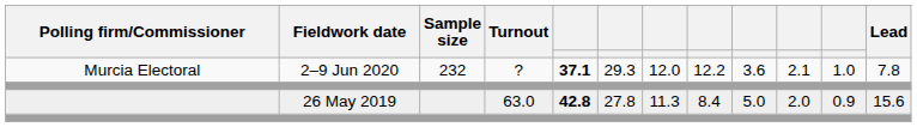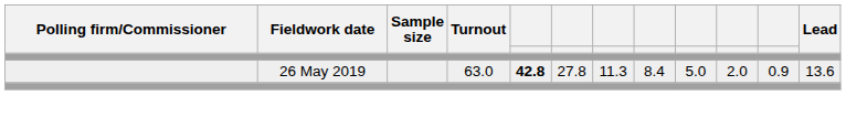 <table class="wikitable collapsible collapsed" style="text-align:center; font-size:95%; line-height:16px;">
 <tr style="height:42px;">
 <th style="width:250px;" rowspan="2">Polling firm/Commissioner</th>
 <th style="width:125px;" rowspan="2">Fieldwork date</th>
 <th style="width:50px;" rowspan="2">Sample size</th>
 <th style="width:45px;" rowspan="2">Turnout</th>
 <th style="width:35px;"></th>
 <th style="width:35px;"></th>
 <th style="width:35px;"></th>
 <th style="width:35px;"></th>
 <th style="width:35px;"></th>
 <th style="width:35px;"></th>
 <th style="width:35px;"></th>
 <th style="width:30px;" rowspan="2">Lead</th>
 </tr>
 <tr>
 <th style="color:inherit;background:"></th>
 <th style="color:inherit;background:"></th>
 <th style="color:inherit;background:"></th>
 <th style="color:inherit;background:"></th>
 <th style="color:inherit;background:"></th>
 <th style="color:inherit;background:"></th>
 <th style="color:inherit;background:"></th>
 </tr>
 <tr>
-<td>Murcia Electoral</td>
-<td>2–9 Jun 2020</td>
-<td>232</td>
-<td>?</td>
-<td><strong>37.1</strong><br></td>
-<td>29.3<br></td>
-<td>12.0<br></td>
-<td>12.2<br></td>
-<td>3.6<br></td>
-<td>2.1<br></td>
-<td>1.0<br></td>
-<td style="background:">7.8</td>
-</tr>
-<tr>
 <td colspan="12" style="background:#A0A0A0"></td>
 </tr>
 <tr style="background:#EFEFEF;">
 <td><strong></strong></td>
 <td>26 May 2019</td>
 <td></td>
 <td>63.0</td>
 <td><strong>42.8</strong><br></td>
 <td>27.8<br></td>
 <td>11.3<br></td>
 <td>8.4<br></td>
 <td>5.0<br></td>
 <td>2.0<br></td>
 <td>0.9<br></td>
-<td style="background:">15.6</td>
+<td style="background:">13.6</td>
 </tr>
 <tr>
 <td colspan="12" style="background:#A0A0A0"></td>
 </tr>
 </table>
